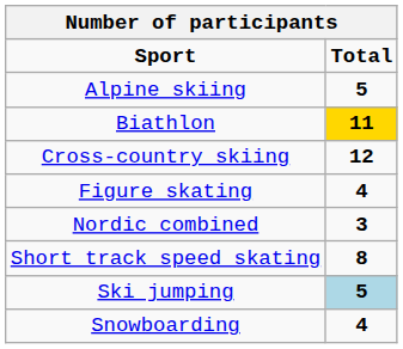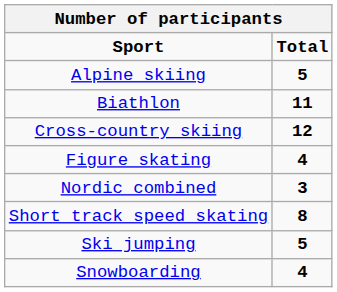 <table class="wikitable">
 <tr style="background:#efefef;">
 <th colspan=2><strong>Number of participants</strong></th>
 </tr>
 <tr align=center>
 <td><strong>Sport</strong></td>
 <td><strong>Total</strong></td>
 </tr>
 <tr align=center>
 <td><a href='#'>Alpine skiing</a></td>
 <td><strong>5</strong></td>
 </tr>
 <tr align=center>
 <td><a href='#'>Biathlon</a></td>
-<td style="background: gold;"><strong>11</strong></td>
+<td><strong>11</strong></td>
 </tr>
 <tr align=center>
 <td><a href='#'>Cross-country skiing</a></td>
 <td><strong>12</strong></td>
 </tr>
 <tr align=center>
 <td><a href='#'>Figure skating</a></td>
 <td><strong>4</strong></td>
 </tr>
 <tr align=center>
 <td><a href='#'>Nordic combined</a></td>
 <td><strong>3</strong></td>
 </tr>
 <tr align=center>
 <td><a href='#'>Short track speed skating</a></td>
 <td><strong>8</strong></td>
 </tr>
 <tr align=center>
 <td><a href='#'>Ski jumping</a></td>
-<td style="background: lightblue;"><strong>5</strong></td>
+<td><strong>5</strong></td>
 </tr>
 <tr align=center>
 <td><a href='#'>Snowboarding</a></td>
 <td><strong>4</strong></td>
 </tr>
 </table>
